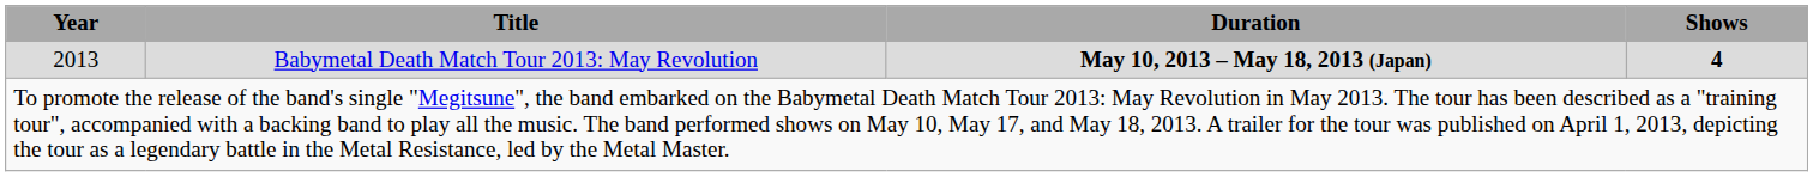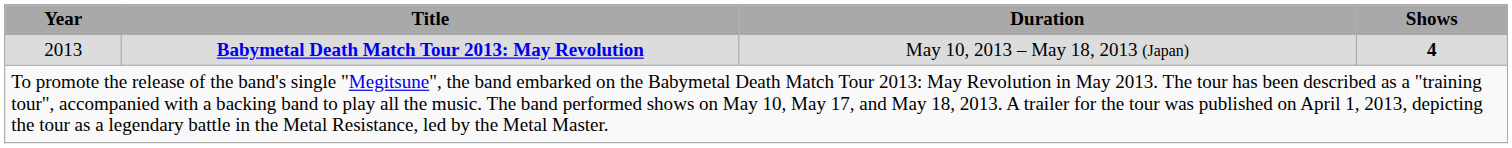 <table class="wikitable" style="width:100%;">
 <tr>
 <th style="width:20px; background:darkGrey;">Year</th>
 <th style="width:200px; background:darkGrey;">Title</th>
 <th style="width:200px; background:darkGrey;">Duration</th>
 <th style="width:20px; background:darkGrey;">Shows</th>
 </tr>
 <tr style="text-align:center; background:#dcdcdc;">
 <td>2013</td>
-<td style="background:#dcdcdc; text-align:center;"><a href='#'>Babymetal Death Match Tour 2013: May Revolution</a></td>
-<td style="background:#dcdcdc; text-align:center;"><strong>May 10, 2013 – May 18, 2013 <small>(Japan)</small></strong></td>
+<td style="background:#dcdcdc; text-align:center;"><strong><a href='#'>Babymetal Death Match Tour 2013: May Revolution</a></strong></td>
+<td style="background:#dcdcdc; text-align:center;">May 10, 2013 – May 18, 2013 <small>(Japan)</small></td>
 <td style="background:#dcdcdc; text-align:center;"><strong>4</strong></td>
 </tr>
 <tr>
 <td colspan="14" style="border-bottom-width:1px; padding:5px;">To promote the release of the band's single "<a href='#'>Megitsune</a>", the band embarked on the Babymetal Death Match Tour 2013: May Revolution in May 2013. The tour has been described as a "training tour", accompanied with a backing band to play all the music. The band performed shows on May 10, May 17, and May 18, 2013. A trailer for the tour was published on April 1, 2013, depicting the tour as a legendary battle in the Metal Resistance, led by the Metal Master.</td>
 </tr>
 </table>
